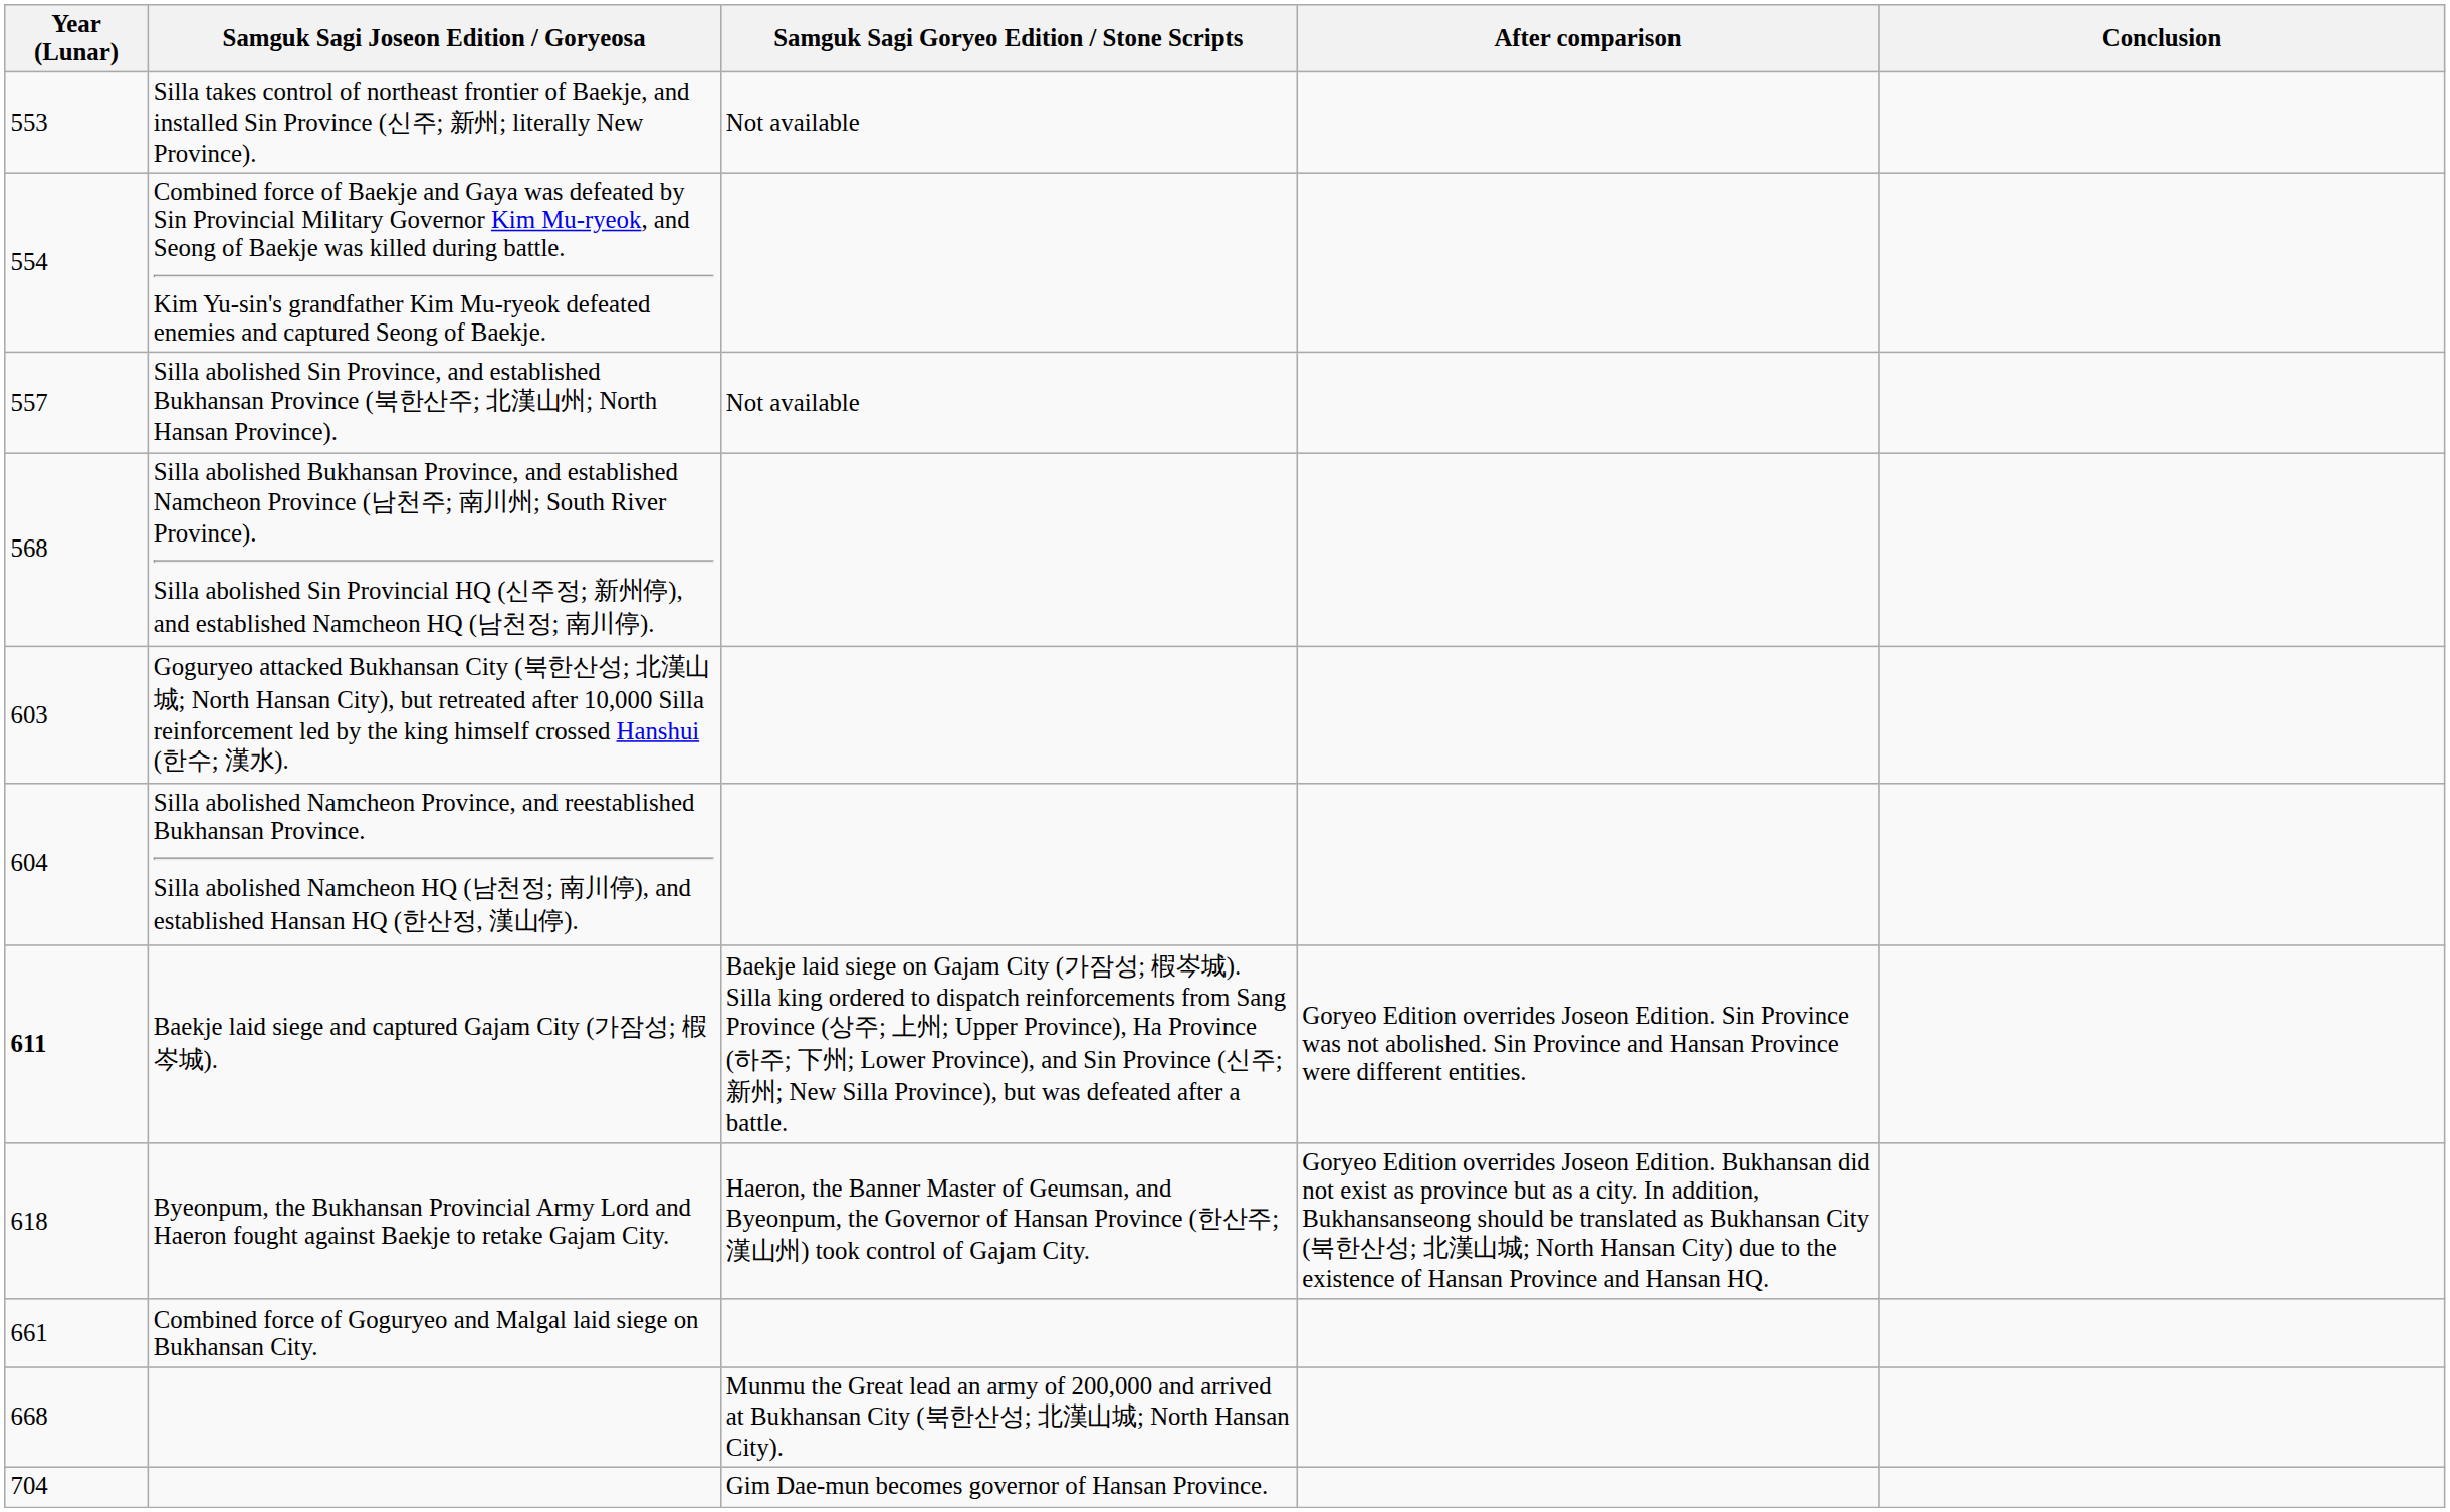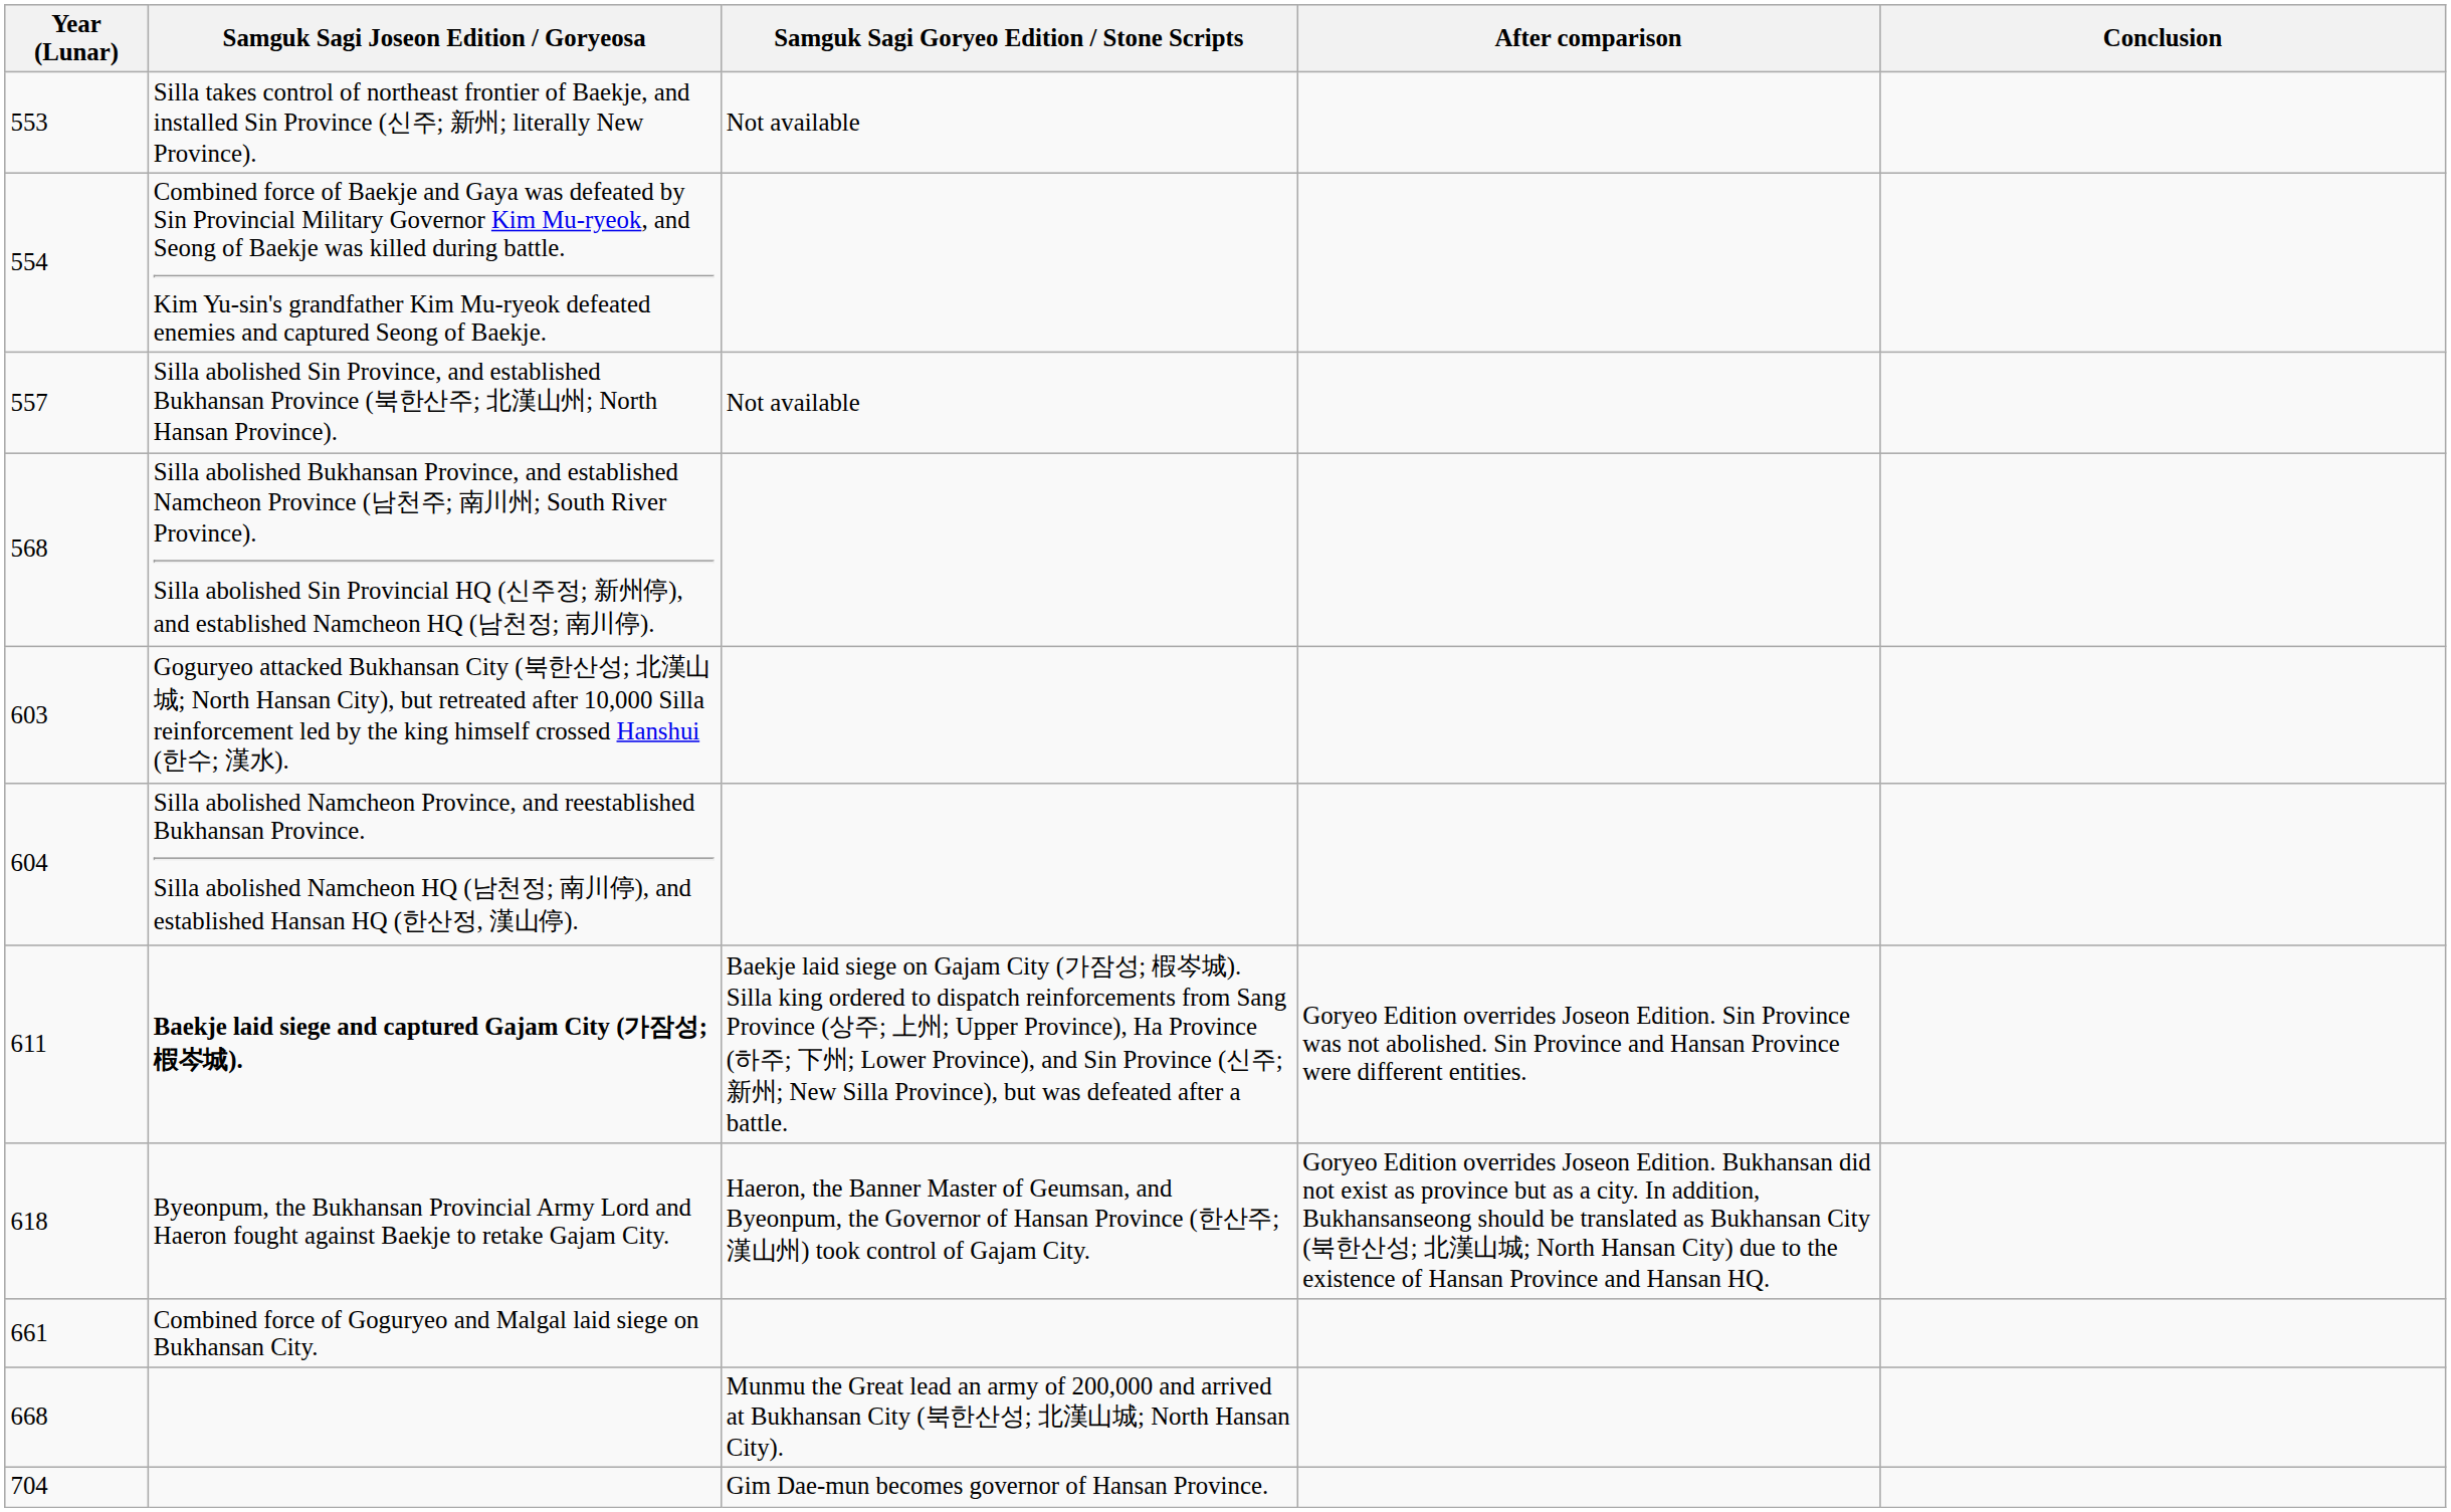 <table class="wikitable">
 <tr>
 <th scope="col" style="width: 100px;">Year (Lunar)</th>
 <th scope="col" style="width: 500px;">Samguk Sagi Joseon Edition / Goryeosa</th>
 <th scope="col" style="width: 500px;">Samguk Sagi Goryeo Edition / Stone Scripts</th>
 <th scope="col" style="width: 500px;">After comparison</th>
 <th scope="col" style="width: 500px;">Conclusion</th>
 </tr>
 <tr>
 <td>553</td>
 <td>Silla takes control of northeast frontier of Baekje, and installed Sin Province (신주; 新州; literally New Province).</td>
 <td>Not available</td>
 <td></td>
 <td></td>
 </tr>
 <tr>
 <td>554</td>
 <td>Combined force of Baekje and Gaya was defeated by Sin Provincial Military Governor <a href='#'>Kim Mu-ryeok</a>, and Seong of Baekje was killed during battle.<hr>Kim Yu-sin's grandfather Kim Mu-ryeok defeated enemies and captured Seong of Baekje.</td>
 <td></td>
 <td></td>
 </tr>
 <tr>
 <td>557</td>
 <td>Silla abolished Sin Province, and established Bukhansan Province (북한산주; 北漢山州; North Hansan Province).</td>
 <td>Not available</td>
 <td></td>
 <td></td>
 </tr>
 <tr>
 <td>568</td>
 <td>Silla abolished Bukhansan Province, and established Namcheon Province (남천주; 南川州; South River Province).<hr>Silla abolished Sin Provincial HQ (신주정; 新州停), and established Namcheon HQ (남천정; 南川停).</td>
 <td></td>
 <td></td>
 <td></td>
 </tr>
 <tr>
 <td>603</td>
 <td>Goguryeo attacked Bukhansan City (북한산성; 北漢山城; North Hansan City), but retreated after 10,000 Silla reinforcement led by the king himself crossed <a href='#'>Hanshui</a> (한수; 漢水).</td>
 <td></td>
 <td></td>
 <td></td>
 </tr>
 <tr>
 <td>604</td>
 <td>Silla abolished Namcheon Province, and reestablished Bukhansan Province.<hr>Silla abolished Namcheon HQ (남천정; 南川停), and established Hansan HQ (한산정, 漢山停).</td>
 <td></td>
 <td></td>
 <td></td>
 </tr>
 <tr>
-<td><strong>611</strong></td>
-<td>Baekje laid siege and captured Gajam City (가잠성; 椵岑城).</td>
+<td>611</td>
+<td><strong>Baekje laid siege and captured Gajam City (가잠성; 椵岑城).</strong></td>
 <td>Baekje laid siege on Gajam City (가잠성; 椵岑城). Silla king ordered to dispatch reinforcements from Sang Province (상주; 上州; Upper Province), Ha Province (하주; 下州; Lower Province), and Sin Province (신주; 新州; New Silla Province), but was defeated after a battle.</td>
 <td>Goryeo Edition overrides Joseon Edition. Sin Province was not abolished. Sin Province and Hansan Province were different entities.</td>
 <td></td>
 </tr>
 <tr>
 <td>618</td>
 <td>Byeonpum, the Bukhansan Provincial Army Lord and Haeron fought against Baekje to retake Gajam City.</td>
 <td>Haeron, the Banner Master of Geumsan, and Byeonpum, the Governor of Hansan Province (한산주; 漢山州) took control of Gajam City.</td>
 <td>Goryeo Edition overrides Joseon Edition. Bukhansan did not exist as province but as a city. In addition, Bukhansanseong should be translated as Bukhansan City (북한산성; 北漢山城; North Hansan City) due to the existence of Hansan Province and Hansan HQ.</td>
 <td></td>
 </tr>
 <tr>
 <td>661</td>
 <td>Combined force of Goguryeo and Malgal laid siege on Bukhansan City.</td>
 <td></td>
 <td></td>
 <td></td>
 </tr>
 <tr>
 <td>668</td>
 <td></td>
 <td>Munmu the Great lead an army of 200,000 and arrived at Bukhansan City (북한산성; 北漢山城; North Hansan City).</td>
 <td></td>
 <td></td>
 </tr>
 <tr>
 <td>704</td>
 <td></td>
 <td>Gim Dae-mun becomes governor of Hansan Province.</td>
 <td></td>
 <td></td>
 </tr>
 </table>
